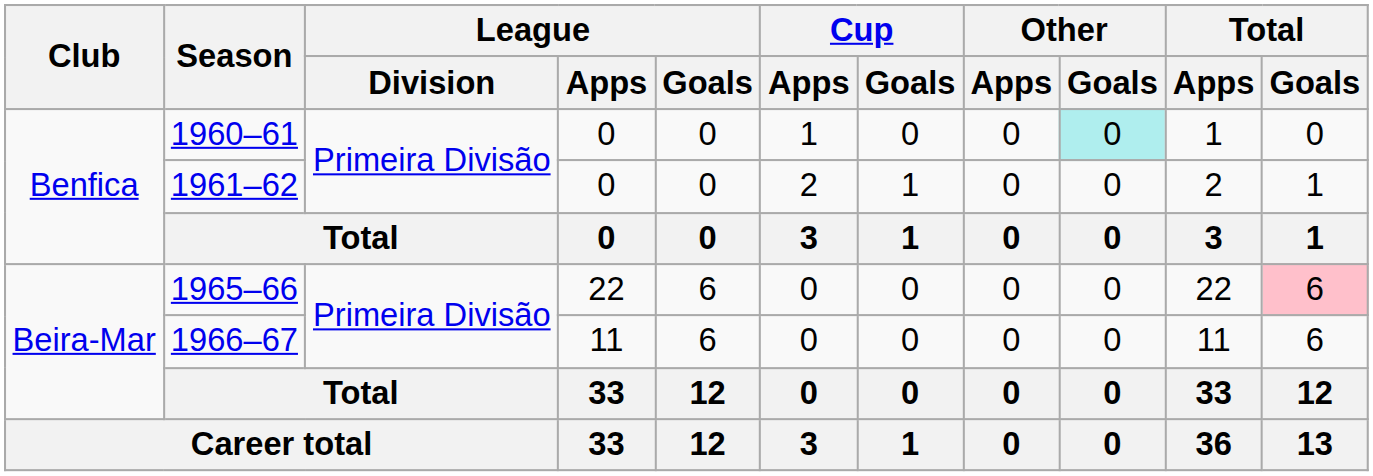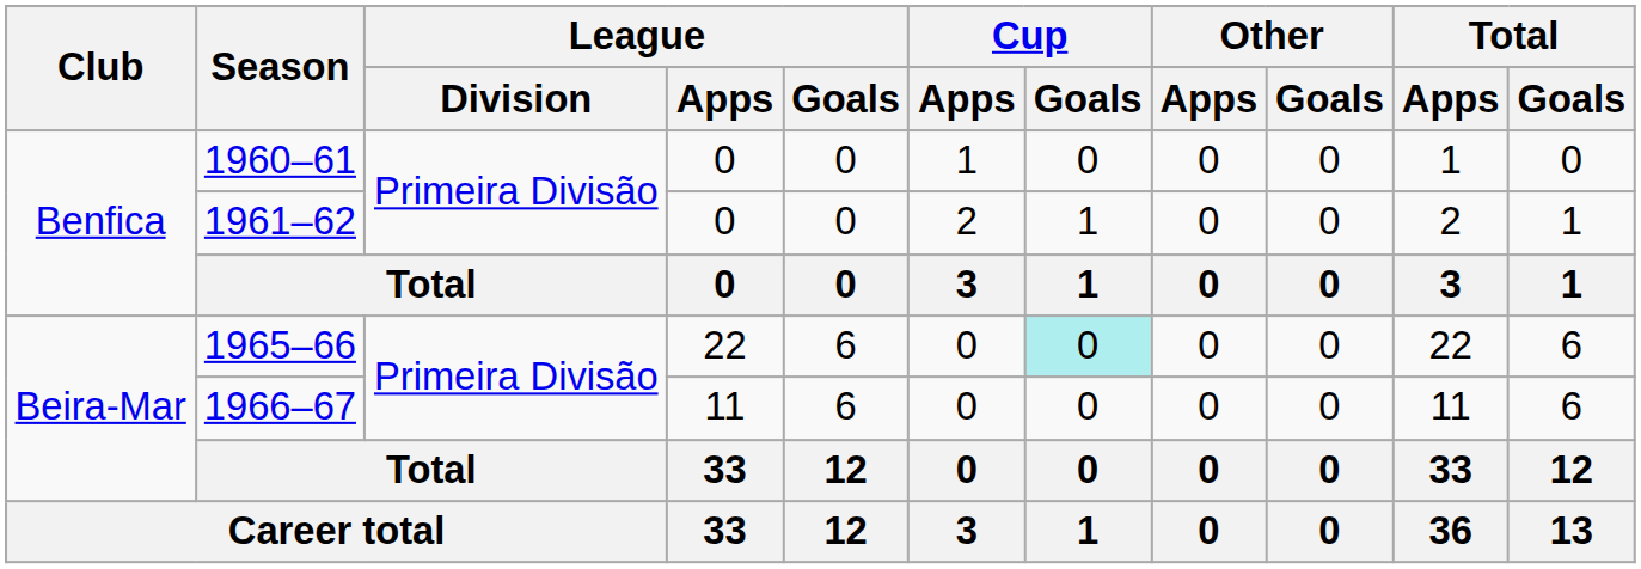 <table class="wikitable" style="text-align: center">
 <tr>
 <th rowspan="2">Club</th>
 <th rowspan="2">Season</th>
 <th colspan="3">League</th>
 <th colspan="2"><a href='#'>Cup</a></th>
 <th colspan="2">Other</th>
 <th colspan="2">Total</th>
 </tr>
 <tr>
 <th>Division</th>
 <th>Apps</th>
 <th>Goals</th>
 <th>Apps</th>
 <th>Goals</th>
 <th>Apps</th>
 <th>Goals</th>
 <th>Apps</th>
 <th>Goals</th>
 </tr>
 <tr>
 <td rowspan="3"><a href='#'>Benfica</a></td>
 <td><a href='#'>1960–61</a></td>
 <td rowspan="2"><a href='#'>Primeira Divisão</a></td>
 <td>0</td>
 <td>0</td>
 <td>1</td>
 <td>0</td>
 <td>0</td>
-<td style="background: paleturquoise;">0</td>
+<td>0</td>
 <td>1</td>
 <td>0</td>
 </tr>
 <tr>
 <td><a href='#'>1961–62</a></td>
 <td>0</td>
 <td>0</td>
 <td>2</td>
 <td>1</td>
 <td>0</td>
 <td>0</td>
 <td>2</td>
 <td>1</td>
 </tr>
 <tr>
 <th colspan="2"><strong>Total</strong></th>
 <th>0</th>
 <th>0</th>
 <th>3</th>
 <th>1</th>
 <th>0</th>
 <th>0</th>
 <th>3</th>
 <th>1</th>
 </tr>
 <tr>
 <td rowspan="3"><a href='#'>Beira-Mar</a></td>
 <td><a href='#'>1965–66</a></td>
 <td rowspan="2"><a href='#'>Primeira Divisão</a></td>
 <td>22</td>
 <td>6</td>
 <td>0</td>
-<td>0</td>
+<td style="background: paleturquoise;">0</td>
 <td>0</td>
 <td>0</td>
 <td>22</td>
-<td style="background: pink;">6</td>
+<td>6</td>
 </tr>
 <tr>
 <td><a href='#'>1966–67</a></td>
 <td>11</td>
 <td>6</td>
 <td>0</td>
 <td>0</td>
 <td>0</td>
 <td>0</td>
 <td>11</td>
 <td>6</td>
 </tr>
 <tr>
 <th colspan="2"><strong>Total</strong></th>
 <th>33</th>
 <th>12</th>
 <th>0</th>
 <th>0</th>
 <th>0</th>
 <th>0</th>
 <th>33</th>
 <th>12</th>
 </tr>
 <tr>
 <th colspan="3"><strong>Career total</strong></th>
 <th>33</th>
 <th>12</th>
 <th>3</th>
 <th>1</th>
 <th>0</th>
 <th>0</th>
 <th>36</th>
 <th>13</th>
 </tr>
 </table>
